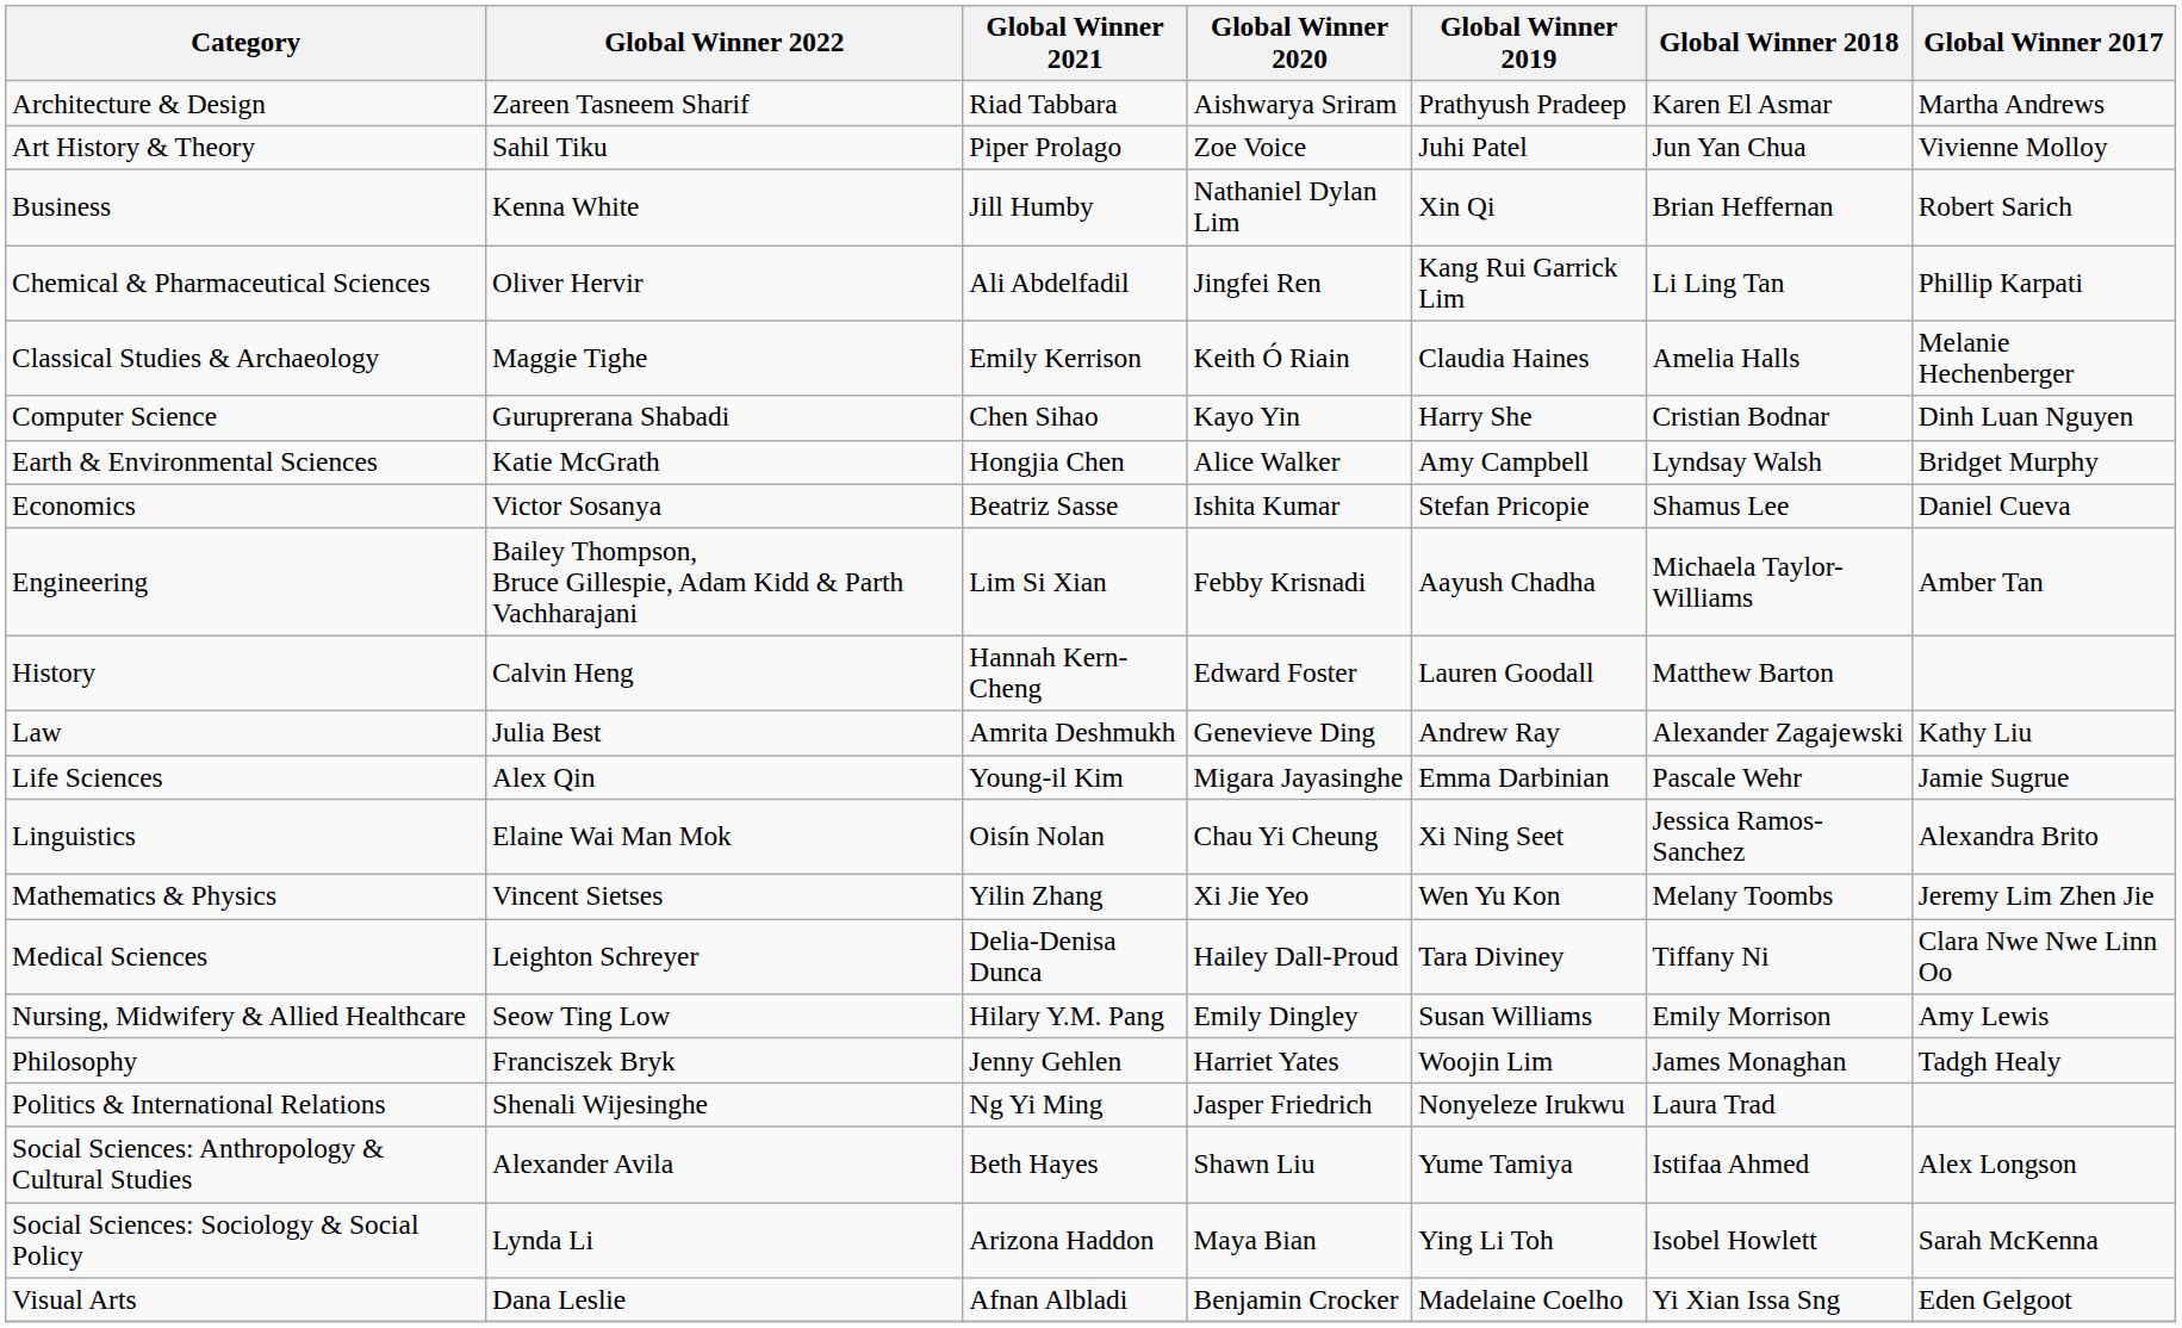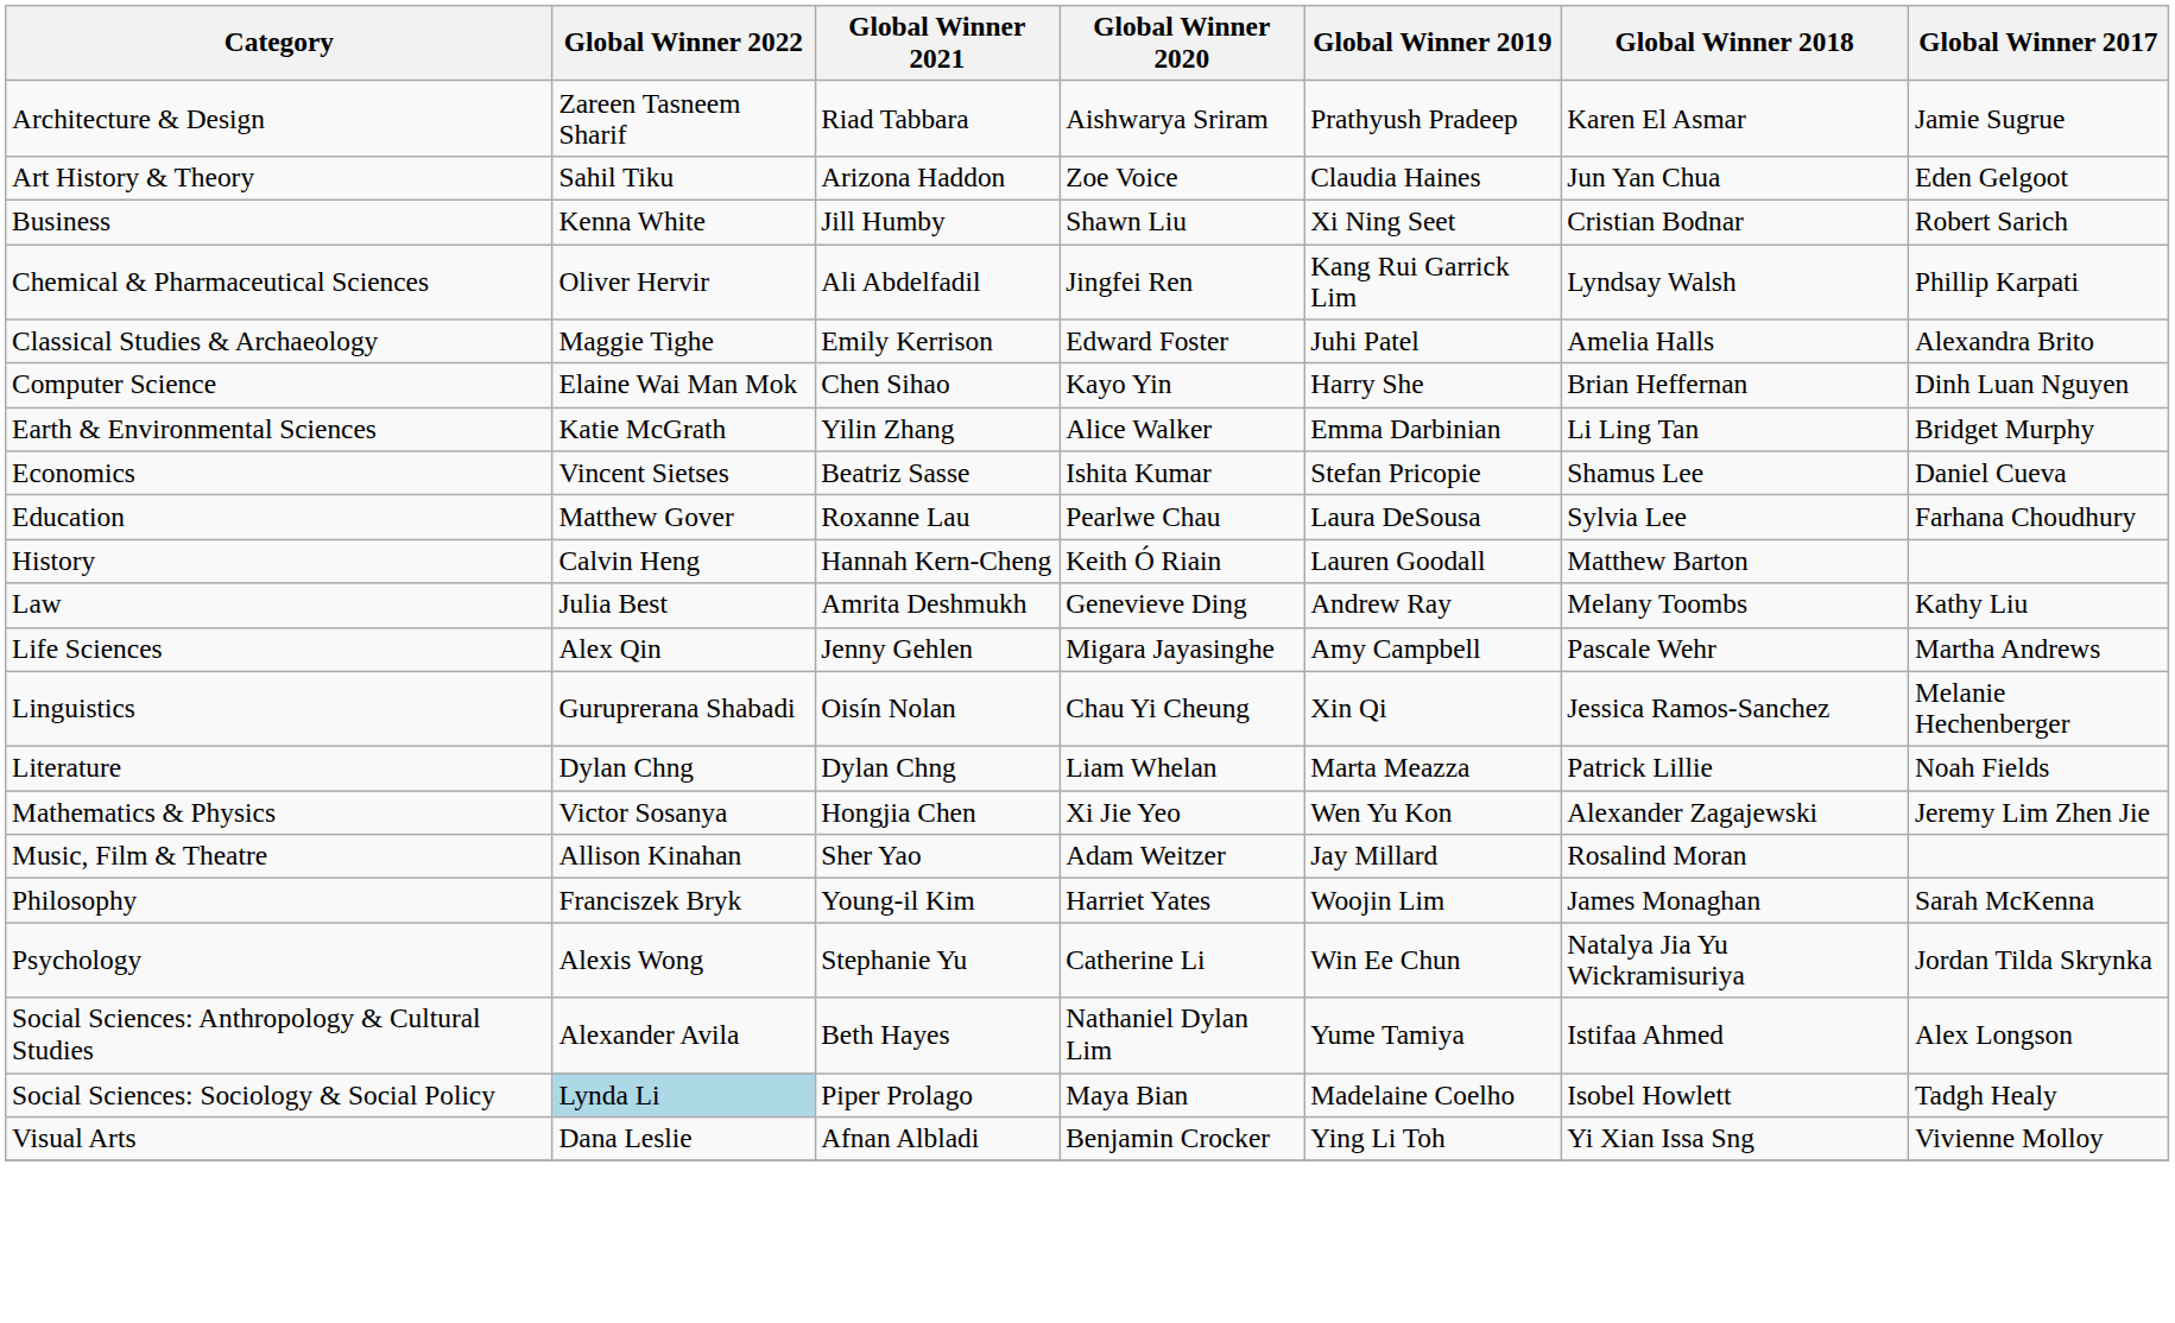 <table class="wikitable">
 <tr>
 <th>Category</th>
 <th>Global Winner 2022</th>
 <th>Global Winner 2021</th>
 <th>Global Winner 2020</th>
 <th>Global Winner 2019</th>
 <th>Global Winner 2018</th>
 <th>Global Winner 2017</th>
 </tr>
 <tr>
 <td>Architecture & Design</td>
 <td>Zareen Tasneem Sharif</td>
 <td>Riad Tabbara</td>
 <td>Aishwarya Sriram</td>
 <td>Prathyush Pradeep</td>
 <td>Karen El Asmar</td>
-<td>Martha Andrews</td>
+<td>Jamie Sugrue</td>
 </tr>
 <tr>
 <td>Art History & Theory</td>
 <td>Sahil Tiku</td>
-<td>Piper Prolago</td>
+<td>Arizona Haddon</td>
 <td>Zoe Voice</td>
-<td>Juhi Patel</td>
+<td>Claudia Haines</td>
 <td>Jun Yan Chua</td>
-<td>Vivienne Molloy</td>
+<td>Eden Gelgoot</td>
 </tr>
 <tr>
 <td>Business</td>
 <td>Kenna White</td>
 <td>Jill Humby</td>
-<td>Nathaniel Dylan Lim</td>
-<td>Xin Qi</td>
-<td>Brian Heffernan</td>
+<td>Shawn Liu</td>
+<td>Xi Ning Seet</td>
+<td>Cristian Bodnar</td>
 <td>Robert Sarich</td>
 </tr>
 <tr>
 <td>Chemical & Pharmaceutical Sciences</td>
 <td>Oliver Hervir</td>
 <td>Ali Abdelfadil</td>
 <td>Jingfei Ren</td>
 <td>Kang Rui Garrick Lim</td>
-<td>Li Ling Tan</td>
+<td>Lyndsay Walsh</td>
 <td>Phillip Karpati</td>
 </tr>
 <tr>
 <td>Classical Studies & Archaeology</td>
 <td>Maggie Tighe</td>
 <td>Emily Kerrison</td>
-<td>Keith Ó Riain</td>
-<td>Claudia Haines</td>
+<td>Edward Foster</td>
+<td>Juhi Patel</td>
 <td>Amelia Halls</td>
-<td>Melanie Hechenberger</td>
+<td>Alexandra Brito</td>
 </tr>
 <tr>
 <td>Computer Science</td>
-<td>Guruprerana Shabadi</td>
+<td>Elaine Wai Man Mok</td>
 <td>Chen Sihao</td>
 <td>Kayo Yin</td>
 <td>Harry She</td>
-<td>Cristian Bodnar</td>
+<td>Brian Heffernan</td>
 <td>Dinh Luan Nguyen</td>
 </tr>
 <tr>
 <td>Earth & Environmental Sciences</td>
 <td>Katie McGrath</td>
-<td>Hongjia Chen</td>
+<td>Yilin Zhang</td>
 <td>Alice Walker</td>
-<td>Amy Campbell</td>
-<td>Lyndsay Walsh</td>
+<td>Emma Darbinian</td>
+<td>Li Ling Tan</td>
 <td>Bridget Murphy</td>
 </tr>
 <tr>
 <td>Economics</td>
-<td>Victor Sosanya</td>
+<td>Vincent Sietses</td>
 <td>Beatriz Sasse</td>
 <td>Ishita Kumar</td>
 <td>Stefan Pricopie</td>
 <td>Shamus Lee</td>
 <td>Daniel Cueva</td>
 </tr>
 <tr>
-<td>Engineering</td>
-<td>Bailey Thompson,<br>Bruce Gillespie, Adam Kidd & Parth Vachharajani</td>
-<td>Lim Si Xian</td>
-<td>Febby Krisnadi</td>
-<td>Aayush Chadha</td>
-<td>Michaela Taylor-Williams</td>
-<td>Amber Tan</td>
+<td>Education</td>
+<td>Matthew Gover</td>
+<td>Roxanne Lau</td>
+<td>Pearlwe Chau</td>
+<td>Laura DeSousa</td>
+<td>Sylvia Lee</td>
+<td>Farhana Choudhury</td>
 </tr>
 <tr>
 <td>History</td>
 <td>Calvin Heng</td>
 <td>Hannah Kern-Cheng</td>
-<td>Edward Foster</td>
+<td>Keith Ó Riain</td>
 <td>Lauren Goodall</td>
 <td>Matthew Barton</td>
 <td></td>
 </tr>
 <tr>
 <td>Law</td>
 <td>Julia Best</td>
 <td>Amrita Deshmukh</td>
 <td>Genevieve Ding</td>
 <td>Andrew Ray</td>
-<td>Alexander Zagajewski</td>
+<td>Melany Toombs</td>
 <td>Kathy Liu</td>
 </tr>
 <tr>
 <td>Life Sciences</td>
 <td>Alex Qin</td>
-<td>Young-il Kim</td>
+<td>Jenny Gehlen</td>
 <td>Migara Jayasinghe</td>
-<td>Emma Darbinian</td>
+<td>Amy Campbell</td>
 <td>Pascale Wehr</td>
-<td>Jamie Sugrue</td>
+<td>Martha Andrews</td>
 </tr>
 <tr>
 <td>Linguistics</td>
-<td>Elaine Wai Man Mok</td>
+<td>Guruprerana Shabadi</td>
 <td>Oisín Nolan</td>
 <td>Chau Yi Cheung</td>
-<td>Xi Ning Seet</td>
+<td>Xin Qi</td>
 <td>Jessica Ramos-Sanchez</td>
-<td>Alexandra Brito</td>
+<td>Melanie Hechenberger</td>
+</tr>
+<tr>
+<td>Literature</td>
+<td>Dylan Chng</td>
+<td>Dylan Chng</td>
+<td>Liam Whelan</td>
+<td>Marta Meazza</td>
+<td>Patrick Lillie</td>
+<td>Noah Fields</td>
 </tr>
 <tr>
 <td>Mathematics & Physics</td>
-<td>Vincent Sietses</td>
-<td>Yilin Zhang</td>
+<td>Victor Sosanya</td>
+<td>Hongjia Chen</td>
 <td>Xi Jie Yeo</td>
 <td>Wen Yu Kon</td>
-<td>Melany Toombs</td>
+<td>Alexander Zagajewski</td>
 <td>Jeremy Lim Zhen Jie</td>
 </tr>
 <tr>
-<td>Medical Sciences</td>
-<td>Leighton Schreyer</td>
-<td>Delia-Denisa Dunca</td>
-<td>Hailey Dall-Proud</td>
-<td>Tara Diviney</td>
-<td>Tiffany Ni</td>
-<td>Clara Nwe Nwe Linn Oo</td>
-</tr>
-<tr>
-<td>Nursing, Midwifery & Allied Healthcare</td>
-<td>Seow Ting Low</td>
-<td>Hilary Y.M. Pang</td>
-<td>Emily Dingley</td>
-<td>Susan Williams</td>
-<td>Emily Morrison</td>
-<td>Amy Lewis</td>
+<td>Music, Film & Theatre</td>
+<td>Allison Kinahan</td>
+<td>Sher Yao</td>
+<td>Adam Weitzer</td>
+<td>Jay Millard</td>
+<td>Rosalind Moran</td>
+<td></td>
 </tr>
 <tr>
 <td>Philosophy</td>
 <td>Franciszek Bryk</td>
-<td>Jenny Gehlen</td>
+<td>Young-il Kim</td>
 <td>Harriet Yates</td>
 <td>Woojin Lim</td>
 <td>James Monaghan</td>
-<td>Tadgh Healy</td>
+<td>Sarah McKenna</td>
 </tr>
 <tr>
-<td>Politics & International Relations</td>
-<td>Shenali Wijesinghe</td>
-<td>Ng Yi Ming</td>
-<td>Jasper Friedrich</td>
-<td>Nonyeleze Irukwu</td>
-<td>Laura Trad</td>
-<td></td>
+<td>Psychology</td>
+<td>Alexis Wong</td>
+<td>Stephanie Yu</td>
+<td>Catherine Li</td>
+<td>Win Ee Chun</td>
+<td>Natalya Jia Yu Wickramisuriya</td>
+<td>Jordan Tilda Skrynka</td>
 </tr>
 <tr>
 <td>Social Sciences: Anthropology & Cultural Studies</td>
 <td>Alexander Avila</td>
 <td>Beth Hayes</td>
-<td>Shawn Liu</td>
+<td>Nathaniel Dylan Lim</td>
 <td>Yume Tamiya</td>
 <td>Istifaa Ahmed</td>
 <td>Alex Longson</td>
 </tr>
 <tr>
 <td>Social Sciences: Sociology & Social Policy</td>
-<td>Lynda Li</td>
-<td>Arizona Haddon</td>
+<td style="background: lightblue;">Lynda Li</td>
+<td>Piper Prolago</td>
 <td>Maya Bian</td>
-<td>Ying Li Toh</td>
+<td>Madelaine Coelho</td>
 <td>Isobel Howlett</td>
-<td>Sarah McKenna</td>
+<td>Tadgh Healy</td>
 </tr>
 <tr>
 <td>Visual Arts</td>
 <td>Dana Leslie</td>
 <td>Afnan Albladi</td>
 <td>Benjamin Crocker</td>
-<td>Madelaine Coelho</td>
+<td>Ying Li Toh</td>
 <td>Yi Xian Issa Sng</td>
-<td>Eden Gelgoot</td>
+<td>Vivienne Molloy</td>
 </tr>
 <tr>
 </tr>
 </table>
